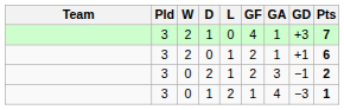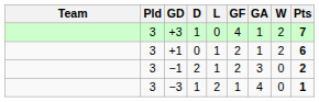 <table class="wikitable" style="text-align:center;">
 <tr>
 <th width=180>Team</th>
 <th width=20>Pld</th>
-<th width=20>W</th>
+<th width=20>GD</th>
 <th width=20>D</th>
 <th width=20>L</th>
 <th width=20>GF</th>
 <th width=20>GA</th>
-<th width=20>GD</th>
+<th width=20>W</th>
 <th width=20>Pts</th>
 </tr>
 <tr bgcolor=ccffcc>
 <td align="left"></td>
 <td>3</td>
-<td>2</td>
+<td>+3</td>
 <td>1</td>
 <td>0</td>
 <td>4</td>
 <td>1</td>
-<td>+3</td>
+<td>2</td>
 <td><strong>7</strong></td>
 </tr>
 <tr>
 <td align="left"></td>
 <td>3</td>
-<td>2</td>
+<td>+1</td>
 <td>0</td>
 <td>1</td>
 <td>2</td>
 <td>1</td>
-<td>+1</td>
+<td>2</td>
 <td><strong>6</strong></td>
 </tr>
 <tr>
 <td align="left"><em></em></td>
 <td>3</td>
-<td>0</td>
+<td>−1</td>
 <td>2</td>
 <td>1</td>
 <td>2</td>
 <td>3</td>
-<td>−1</td>
+<td>0</td>
 <td><strong>2</strong></td>
 </tr>
 <tr>
 <td align="left"></td>
 <td>3</td>
-<td>0</td>
+<td>−3</td>
 <td>1</td>
 <td>2</td>
 <td>1</td>
 <td>4</td>
-<td>−3</td>
+<td>0</td>
 <td><strong>1</strong></td>
 </tr>
 </table>
